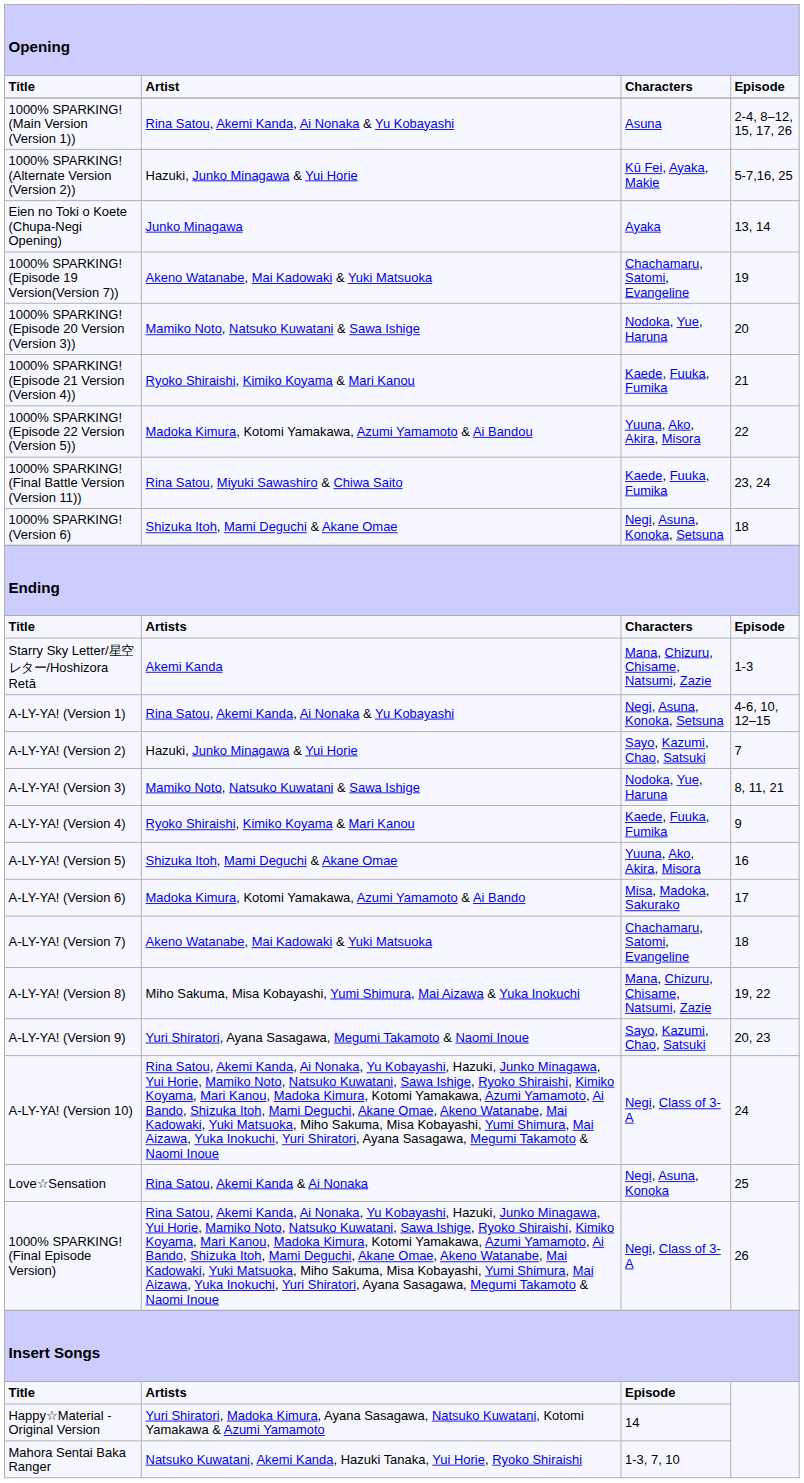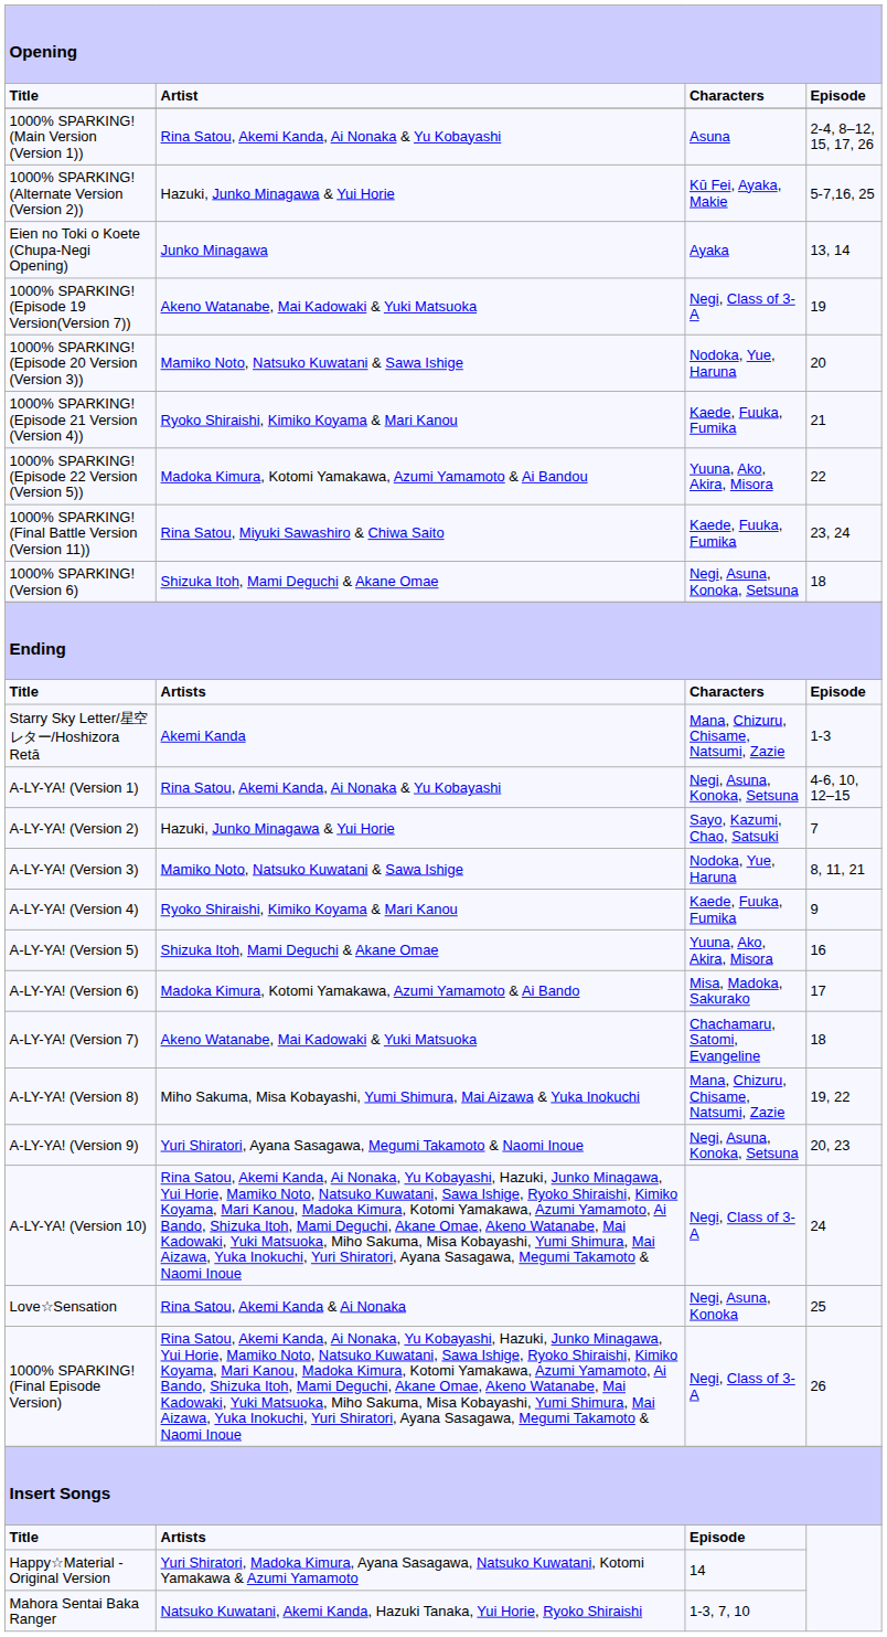 <table border="" cellpadding="4" cellspacing="0" width="100%" style="border: 1px #aaaaaa solid; border-collapse: collapse; padding: 0.2em; margin: 1em 1em 1em 0; background: #f7f8ff; font-size:0.9em">
 <tr valign="middle" bgcolor="#ccccff">
 <td colspan=4><br><h3>Opening</h3></td>
 </tr>
 <tr>
 <td><strong>Title</strong></td>
 <td><strong>Artist</strong></td>
 <td><strong>Characters</strong></td>
 <td><strong>Episode</strong></td>
 </tr>
 <tr bgcolor="#ccccff">
 </tr>
 <tr>
 <td>1000% SPARKING! (Main Version (Version 1))</td>
 <td><a href='#'>Rina Satou</a>, <a href='#'>Akemi Kanda</a>, <a href='#'>Ai Nonaka</a> & <a href='#'>Yu Kobayashi</a></td>
 <td><a href='#'>Asuna</a></td>
 <td>2-4, 8–12, 15, 17, 26</td>
 </tr>
 <tr>
 <td>1000% SPARKING! (Alternate Version (Version 2))</td>
 <td>Hazuki, <a href='#'>Junko Minagawa</a> & <a href='#'>Yui Horie</a></td>
 <td><a href='#'>Kū Fei</a>, <a href='#'>Ayaka</a>, <a href='#'>Makie</a></td>
 <td>5-7,16, 25</td>
 </tr>
 <tr>
 <td>Eien no Toki o Koete (Chupa-Negi Opening)</td>
 <td><a href='#'>Junko Minagawa</a></td>
 <td><a href='#'>Ayaka</a></td>
 <td>13, 14</td>
 </tr>
 <tr>
 <td>1000% SPARKING! (Episode 19 Version(Version 7))</td>
 <td><a href='#'>Akeno Watanabe</a>, <a href='#'>Mai Kadowaki</a> & <a href='#'>Yuki Matsuoka</a></td>
-<td><a href='#'>Chachamaru</a>, <a href='#'>Satomi</a>, <a href='#'>Evangeline</a></td>
+<td><a href='#'>Negi</a>, <a href='#'>Class of 3-A</a></td>
 <td>19</td>
 </tr>
 <tr>
 <td>1000% SPARKING! (Episode 20 Version (Version 3))</td>
 <td><a href='#'>Mamiko Noto</a>, <a href='#'>Natsuko Kuwatani</a> & <a href='#'>Sawa Ishige</a></td>
 <td><a href='#'>Nodoka</a>, <a href='#'>Yue</a>, <a href='#'>Haruna</a></td>
 <td>20</td>
 </tr>
 <tr>
 <td>1000% SPARKING! (Episode 21 Version (Version 4))</td>
 <td><a href='#'>Ryoko Shiraishi</a>, <a href='#'>Kimiko Koyama</a> & <a href='#'>Mari Kanou</a></td>
 <td><a href='#'>Kaede</a>, <a href='#'>Fuuka</a>, <a href='#'>Fumika</a></td>
 <td>21</td>
 </tr>
 <tr>
 <td>1000% SPARKING! (Episode 22 Version (Version 5))</td>
 <td><a href='#'>Madoka Kimura</a>, Kotomi Yamakawa, <a href='#'>Azumi Yamamoto</a> & <a href='#'>Ai Bandou</a></td>
 <td><a href='#'>Yuuna</a>, <a href='#'>Ako</a>, <a href='#'>Akira</a>, <a href='#'>Misora</a></td>
 <td>22</td>
 </tr>
 <tr>
 <td>1000% SPARKING! (Final Battle Version (Version 11))</td>
 <td><a href='#'>Rina Satou</a>,  <a href='#'>Miyuki Sawashiro</a> & <a href='#'>Chiwa Saito</a></td>
 <td><a href='#'>Kaede</a>, <a href='#'>Fuuka</a>, <a href='#'>Fumika</a></td>
 <td>23, 24</td>
 </tr>
 <tr>
 <td>1000% SPARKING! (Version 6)</td>
 <td><a href='#'>Shizuka Itoh</a>, <a href='#'>Mami Deguchi</a> & <a href='#'>Akane Omae</a></td>
 <td><a href='#'>Negi</a>, <a href='#'>Asuna</a>, <a href='#'>Konoka</a>, <a href='#'>Setsuna</a></td>
 <td>18</td>
 </tr>
 <tr>
 </tr>
 <tr valign="middle" bgcolor="#ccccff">
 <td colspan=4><br><h3>Ending</h3></td>
 </tr>
 <tr>
 <td><strong>Title</strong></td>
 <td><strong>Artists</strong></td>
 <td><strong>Characters</strong></td>
 <td><strong>Episode</strong></td>
 </tr>
 <tr>
 <td>Starry Sky Letter/星空レター/Hoshizora Retā</td>
 <td><a href='#'>Akemi Kanda</a></td>
 <td><a href='#'>Mana</a>, <a href='#'>Chizuru</a>, <a href='#'>Chisame</a>, <a href='#'>Natsumi</a>, <a href='#'>Zazie</a></td>
 <td>1-3</td>
 </tr>
 <tr>
 <td>A-LY-YA! (Version 1)</td>
 <td><a href='#'>Rina Satou</a>, <a href='#'>Akemi Kanda</a>, <a href='#'>Ai Nonaka</a> & <a href='#'>Yu Kobayashi</a></td>
 <td><a href='#'>Negi</a>, <a href='#'>Asuna</a>, <a href='#'>Konoka</a>, <a href='#'>Setsuna</a></td>
 <td>4-6, 10, 12–15</td>
 </tr>
 <tr>
 <td>A-LY-YA! (Version 2)</td>
 <td>Hazuki, <a href='#'>Junko Minagawa</a> & <a href='#'>Yui Horie</a></td>
 <td><a href='#'>Sayo</a>, <a href='#'>Kazumi</a>, <a href='#'>Chao</a>, <a href='#'>Satsuki</a></td>
 <td>7</td>
 </tr>
 <tr>
 <td>A-LY-YA! (Version 3)</td>
 <td><a href='#'>Mamiko Noto</a>, <a href='#'>Natsuko Kuwatani</a> & <a href='#'>Sawa Ishige</a></td>
 <td><a href='#'>Nodoka</a>, <a href='#'>Yue</a>, <a href='#'>Haruna</a></td>
 <td>8, 11, 21</td>
 </tr>
 <tr>
 <td>A-LY-YA! (Version 4)</td>
 <td><a href='#'>Ryoko Shiraishi</a>, <a href='#'>Kimiko Koyama</a> & <a href='#'>Mari Kanou</a></td>
 <td><a href='#'>Kaede</a>, <a href='#'>Fuuka</a>, <a href='#'>Fumika</a></td>
 <td>9</td>
 </tr>
 <tr>
 <td>A-LY-YA! (Version 5)</td>
 <td><a href='#'>Shizuka Itoh</a>, <a href='#'>Mami Deguchi</a> & <a href='#'>Akane Omae</a></td>
 <td><a href='#'>Yuuna</a>, <a href='#'>Ako</a>, <a href='#'>Akira</a>, <a href='#'>Misora</a></td>
 <td>16</td>
 </tr>
 <tr>
 <td>A-LY-YA! (Version 6)</td>
 <td><a href='#'>Madoka Kimura</a>, Kotomi Yamakawa, <a href='#'>Azumi Yamamoto</a> & <a href='#'>Ai Bando</a></td>
 <td><a href='#'>Misa</a>, <a href='#'>Madoka</a>, <a href='#'>Sakurako</a></td>
 <td>17</td>
 </tr>
 <tr>
 <td>A-LY-YA! (Version 7)</td>
 <td><a href='#'>Akeno Watanabe</a>, <a href='#'>Mai Kadowaki</a> & <a href='#'>Yuki Matsuoka</a></td>
 <td><a href='#'>Chachamaru</a>, <a href='#'>Satomi</a>, <a href='#'>Evangeline</a></td>
 <td>18</td>
 </tr>
 <tr>
 <td>A-LY-YA! (Version 8)</td>
 <td>Miho Sakuma, Misa Kobayashi, <a href='#'>Yumi Shimura</a>, <a href='#'>Mai Aizawa</a> & <a href='#'>Yuka Inokuchi</a></td>
 <td><a href='#'>Mana</a>, <a href='#'>Chizuru</a>, <a href='#'>Chisame</a>, <a href='#'>Natsumi</a>, <a href='#'>Zazie</a></td>
 <td>19, 22</td>
 </tr>
 <tr>
 <td>A-LY-YA! (Version 9)</td>
 <td><a href='#'>Yuri Shiratori</a>, Ayana Sasagawa, <a href='#'>Megumi Takamoto</a> & <a href='#'>Naomi Inoue</a></td>
-<td><a href='#'>Sayo</a>, <a href='#'>Kazumi</a>, <a href='#'>Chao</a>, <a href='#'>Satsuki</a></td>
+<td><a href='#'>Negi</a>, <a href='#'>Asuna</a>, <a href='#'>Konoka</a>, <a href='#'>Setsuna</a></td>
 <td>20, 23</td>
 </tr>
 <tr>
 <td>A-LY-YA! (Version 10)</td>
 <td><a href='#'>Rina Satou</a>, <a href='#'>Akemi Kanda</a>, <a href='#'>Ai Nonaka</a>, <a href='#'>Yu Kobayashi</a>, Hazuki, <a href='#'>Junko Minagawa</a>, <a href='#'>Yui Horie</a>, <a href='#'>Mamiko Noto</a>, <a href='#'>Natsuko Kuwatani</a>, <a href='#'>Sawa Ishige</a>, <a href='#'>Ryoko Shiraishi</a>, <a href='#'>Kimiko Koyama</a>, <a href='#'>Mari Kanou</a>, <a href='#'>Madoka Kimura</a>, Kotomi Yamakawa, <a href='#'>Azumi Yamamoto</a>, <a href='#'>Ai Bando</a>, <a href='#'>Shizuka Itoh</a>, <a href='#'>Mami Deguchi</a>, <a href='#'>Akane Omae</a>, <a href='#'>Akeno Watanabe</a>, <a href='#'>Mai Kadowaki</a>, <a href='#'>Yuki Matsuoka</a>, Miho Sakuma, Misa Kobayashi, <a href='#'>Yumi Shimura</a>, <a href='#'>Mai Aizawa</a>, <a href='#'>Yuka Inokuchi</a>, <a href='#'>Yuri Shiratori</a>, Ayana Sasagawa, <a href='#'>Megumi Takamoto</a> & <a href='#'>Naomi Inoue</a></td>
 <td><a href='#'>Negi</a>, <a href='#'>Class of 3-A</a></td>
 <td>24</td>
 </tr>
 <tr>
 <td>Love☆Sensation</td>
 <td><a href='#'>Rina Satou</a>, <a href='#'>Akemi Kanda</a> & <a href='#'>Ai Nonaka</a></td>
 <td><a href='#'>Negi</a>, <a href='#'>Asuna</a>, <a href='#'>Konoka</a></td>
 <td>25</td>
 </tr>
 <tr>
 <td>1000% SPARKING! (Final Episode Version)</td>
 <td><a href='#'>Rina Satou</a>, <a href='#'>Akemi Kanda</a>, <a href='#'>Ai Nonaka</a>, <a href='#'>Yu Kobayashi</a>, Hazuki, <a href='#'>Junko Minagawa</a>, <a href='#'>Yui Horie</a>, <a href='#'>Mamiko Noto</a>, <a href='#'>Natsuko Kuwatani</a>, <a href='#'>Sawa Ishige</a>, <a href='#'>Ryoko Shiraishi</a>, <a href='#'>Kimiko Koyama</a>, <a href='#'>Mari Kanou</a>, <a href='#'>Madoka Kimura</a>, Kotomi Yamakawa, <a href='#'>Azumi Yamamoto</a>, <a href='#'>Ai Bando</a>, <a href='#'>Shizuka Itoh</a>, <a href='#'>Mami Deguchi</a>, <a href='#'>Akane Omae</a>, <a href='#'>Akeno Watanabe</a>, <a href='#'>Mai Kadowaki</a>, <a href='#'>Yuki Matsuoka</a>, Miho Sakuma, Misa Kobayashi, <a href='#'>Yumi Shimura</a>, <a href='#'>Mai Aizawa</a>, <a href='#'>Yuka Inokuchi</a>, <a href='#'>Yuri Shiratori</a>, Ayana Sasagawa, <a href='#'>Megumi Takamoto</a> & <a href='#'>Naomi Inoue</a></td>
 <td><a href='#'>Negi</a>, <a href='#'>Class of 3-A</a></td>
 <td>26</td>
 </tr>
 <tr>
 </tr>
 <tr valign="middle" bgcolor="#ccccff">
 <td colspan=4><br><h3>Insert Songs</h3></td>
 </tr>
 <tr>
 <td><strong>Title</strong></td>
 <td><strong>Artists</strong></td>
 <td><strong>Episode</strong></td>
 </tr>
 <tr>
 <td>Happy☆Material - Original Version</td>
 <td><a href='#'>Yuri Shiratori</a>, <a href='#'>Madoka Kimura</a>, Ayana Sasagawa, <a href='#'>Natsuko Kuwatani</a>, Kotomi Yamakawa & <a href='#'>Azumi Yamamoto</a></td>
 <td>14</td>
 </tr>
 <tr>
 <td>Mahora Sentai Baka Ranger</td>
 <td><a href='#'>Natsuko Kuwatani</a>, <a href='#'>Akemi Kanda</a>, Hazuki Tanaka, <a href='#'>Yui Horie</a>, <a href='#'>Ryoko Shiraishi</a></td>
 <td>1-3, 7, 10</td>
 </tr>
 </table>
